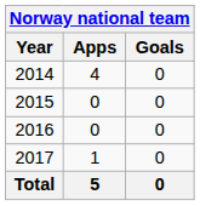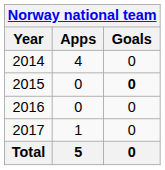 <table class="wikitable" style="text-align:center">
 <tr>
 <th colspan=3><a href='#'>Norway national team</a></th>
 </tr>
 <tr>
 <th>Year</th>
 <th>Apps</th>
 <th>Goals</th>
 </tr>
 <tr>
 <td>2014</td>
 <td>4</td>
 <td>0</td>
 </tr>
 <tr>
 <td>2015</td>
 <td>0</td>
-<td>0</td>
+<td><strong>0</strong></td>
 </tr>
 <tr>
 <td>2016</td>
 <td>0</td>
 <td>0</td>
 </tr>
 <tr>
 <td>2017</td>
 <td>1</td>
 <td>0</td>
 </tr>
 <tr>
 <th>Total</th>
 <th>5</th>
 <th>0</th>
 </tr>
 </table>
